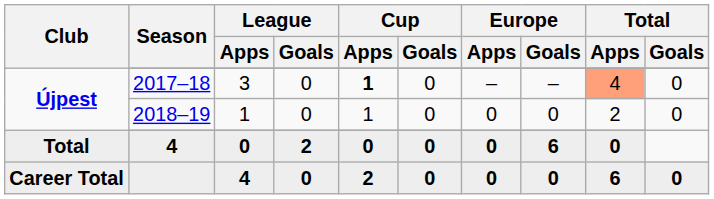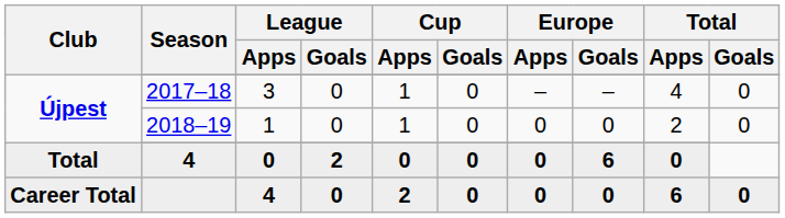 <table class="wikitable" style="font-size:90%; text-align: center;">
 <tr>
 <th rowspan="2">Club</th>
 <th rowspan="2">Season</th>
 <th colspan="2">League</th>
 <th colspan="2">Cup</th>
 <th colspan="2">Europe</th>
 <th colspan="2">Total</th>
 </tr>
 <tr>
 <th>Apps</th>
 <th>Goals</th>
 <th>Apps</th>
 <th>Goals</th>
 <th>Apps</th>
 <th>Goals</th>
 <th>Apps</th>
 <th>Goals</th>
 </tr>
 <tr ||-||-||-|->
 <td rowspan="4" valign="center"><strong><a href='#'>Újpest</a></strong></td>
 </tr>
 <tr>
 <td><a href='#'>2017–18</a></td>
 <td>3</td>
 <td>0</td>
-<td><strong>1</strong></td>
+<td>1</td>
 <td>0</td>
 <td>–</td>
 <td>–</td>
-<td style="background: lightsalmon;">4</td>
+<td>4</td>
 <td>0</td>
 </tr>
 <tr>
 <td><a href='#'>2018–19</a></td>
 <td>1</td>
 <td>0</td>
 <td>1</td>
 <td>0</td>
 <td>0</td>
 <td>0</td>
 <td>2</td>
 <td>0</td>
 </tr>
 <tr>
 </tr>
 <tr style="font-weight:bold; background-color:#eeeeee;">
 <td>Total</td>
 <td>4</td>
 <td>0</td>
 <td>2</td>
 <td>0</td>
 <td>0</td>
 <td>0</td>
 <td>6</td>
 <td>0</td>
 </tr>
 <tr style="font-weight:bold; background-color:#eeeeee;">
 <td rowspan="1" valign="top"><strong>Career Total</strong></td>
 <td></td>
 <td><strong>4</strong></td>
 <td><strong>0</strong></td>
 <td><strong>2</strong></td>
 <td><strong>0</strong></td>
 <td><strong>0</strong></td>
 <td><strong>0</strong></td>
 <td><strong>6</strong></td>
 <td><strong>0</strong></td>
 </tr>
 </table>
